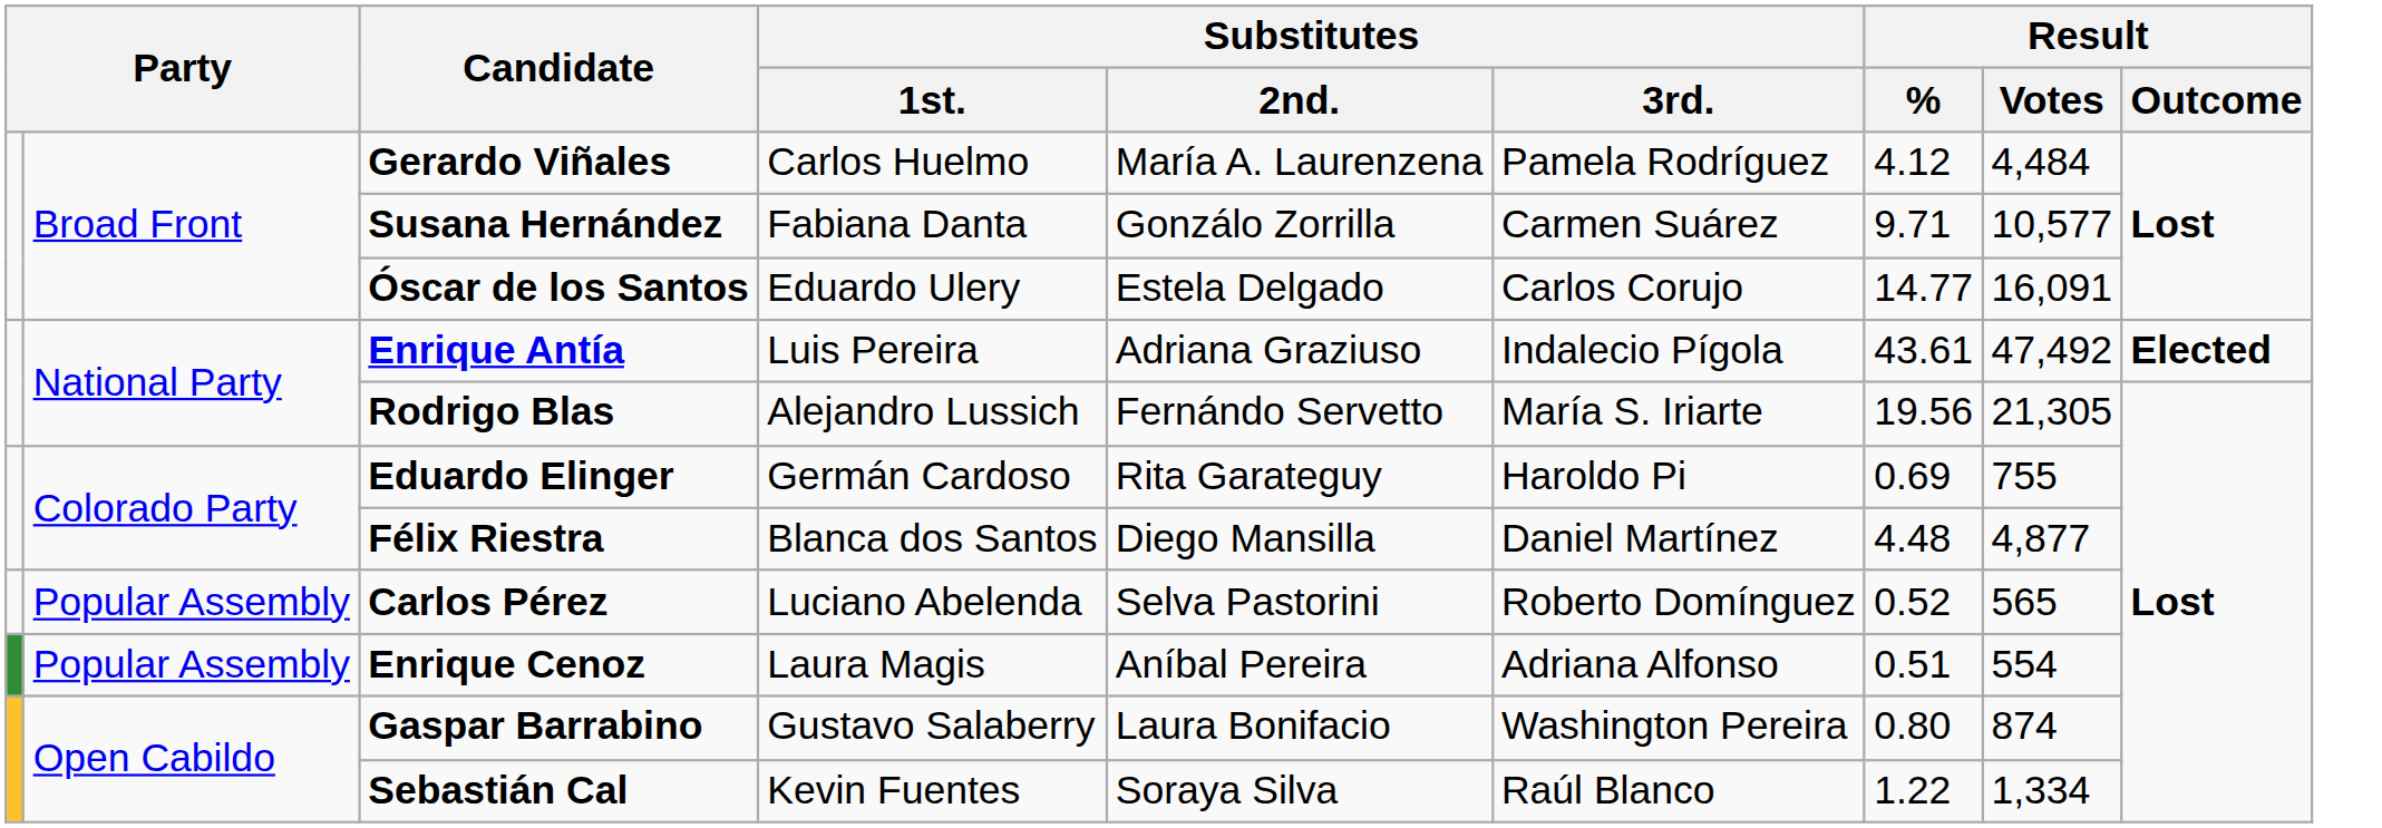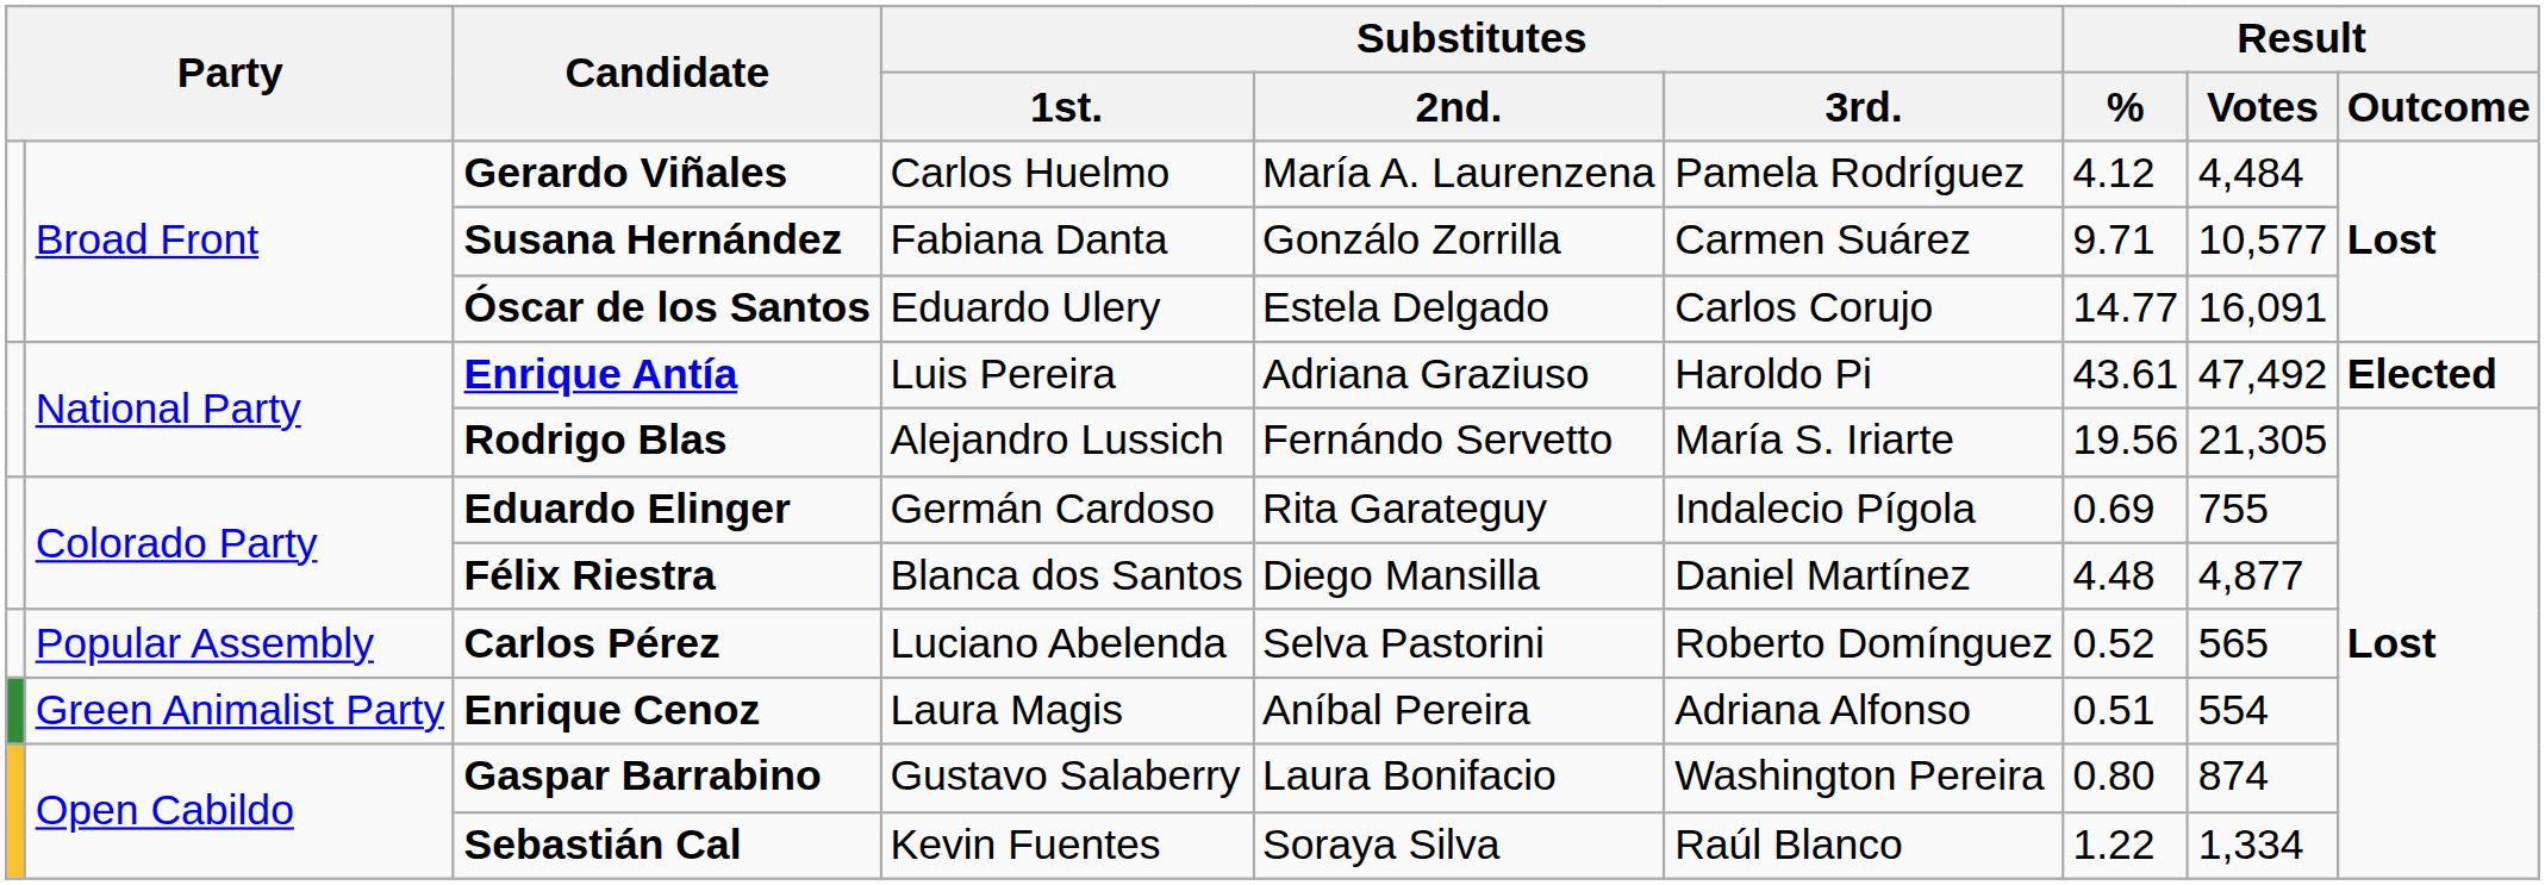 <table class="wikitable">
 <tr>
 <th colspan="2" rowspan="2">Party</th>
 <th rowspan="2">Candidate</th>
 <th colspan="3">Substitutes</th>
 <th colspan="3">Result</th>
 </tr>
 <tr>
 <th>1st.</th>
 <th>2nd.</th>
 <th>3rd.</th>
 <th>%</th>
 <th>Votes</th>
 <th>Outcome</th>
 </tr>
 <tr>
 <td rowspan="3" style="background:"></td>
 <td rowspan="3"><a href='#'>Broad Front</a></td>
 <td><strong>Gerardo Viñales</strong></td>
 <td>Carlos Huelmo</td>
 <td>María A. Laurenzena</td>
 <td>Pamela Rodríguez</td>
 <td>4.12</td>
 <td>4,484</td>
 <td rowspan="3"><strong>Lost</strong> </td>
 </tr>
 <tr>
 <td><strong>Susana Hernández</strong></td>
 <td>Fabiana Danta</td>
 <td>Gonzálo Zorrilla</td>
 <td>Carmen Suárez</td>
 <td>9.71</td>
 <td>10,577</td>
 </tr>
 <tr>
 <td><strong>Óscar de los Santos</strong></td>
 <td>Eduardo Ulery</td>
 <td>Estela Delgado</td>
 <td>Carlos Corujo</td>
 <td>14.77</td>
 <td>16,091</td>
 </tr>
 <tr>
 <td rowspan="2" style="background:"></td>
 <td rowspan="2"><a href='#'>National Party</a></td>
 <td><strong><a href='#'>Enrique Antía</a></strong></td>
 <td>Luis Pereira</td>
 <td>Adriana Graziuso</td>
-<td>Indalecio Pígola</td>
+<td>Haroldo Pi</td>
 <td>43.61</td>
 <td>47,492</td>
 <td><strong>Elected</strong> </td>
 </tr>
 <tr>
 <td><strong>Rodrigo Blas</strong></td>
 <td>Alejandro Lussich</td>
 <td>Fernándo Servetto</td>
 <td>María S. Iriarte</td>
 <td>19.56</td>
 <td>21,305</td>
 <td rowspan="7"><strong>Lost</strong> </td>
 </tr>
 <tr>
 <td rowspan="2" style="background:"></td>
 <td rowspan="2"><a href='#'>Colorado Party</a></td>
 <td><strong>Eduardo Elinger</strong></td>
 <td>Germán Cardoso</td>
 <td>Rita Garateguy</td>
-<td>Haroldo Pi</td>
+<td>Indalecio Pígola</td>
 <td>0.69</td>
 <td>755</td>
 </tr>
 <tr>
 <td><strong>Félix Riestra</strong></td>
 <td>Blanca dos Santos</td>
 <td>Diego Mansilla</td>
 <td>Daniel Martínez</td>
 <td>4.48</td>
 <td>4,877</td>
 </tr>
 <tr>
 <td style="background:"></td>
 <td><a href='#'>Popular Assembly</a></td>
 <td><strong>Carlos Pérez</strong></td>
 <td>Luciano Abelenda</td>
 <td>Selva Pastorini</td>
 <td>Roberto Domínguez</td>
 <td>0.52</td>
 <td>565</td>
 </tr>
 <tr>
 <td style="background:#318C38"></td>
-<td><a href='#'>Popular Assembly</a></td>
+<td><a href='#'>Green Animalist Party</a></td>
 <td><strong>Enrique Cenoz</strong></td>
 <td>Laura Magis</td>
 <td>Aníbal Pereira</td>
 <td>Adriana Alfonso</td>
 <td>0.51</td>
 <td>554</td>
 </tr>
 <tr>
 <td rowspan="2" style="background:#FBC22B"></td>
 <td rowspan="2"><a href='#'>Open Cabildo</a></td>
 <td><strong>Gaspar Barrabino</strong></td>
 <td>Gustavo Salaberry</td>
 <td>Laura Bonifacio</td>
 <td>Washington Pereira</td>
 <td>0.80</td>
 <td>874</td>
 </tr>
 <tr>
 <td><strong>Sebastián Cal</strong></td>
 <td>Kevin Fuentes</td>
 <td>Soraya Silva</td>
 <td>Raúl Blanco</td>
 <td>1.22</td>
 <td>1,334</td>
 </tr>
 </table>
